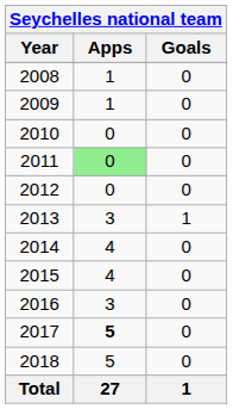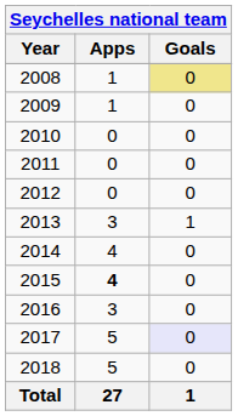 <table class="wikitable" style="text-align:center">
 <tr>
 <th colspan=3><a href='#'>Seychelles national team</a></th>
 </tr>
 <tr>
 <th>Year</th>
 <th>Apps</th>
 <th>Goals</th>
 </tr>
 <tr>
 </tr>
 <tr>
 <td>2008</td>
 <td>1</td>
-<td>0</td>
+<td style="background: khaki;">0</td>
 </tr>
 <tr>
 <td>2009</td>
 <td>1</td>
 <td>0</td>
 </tr>
 <tr>
 <td>2010</td>
 <td>0</td>
 <td>0</td>
 </tr>
 <tr>
 <td>2011</td>
-<td style="background: lightgreen;">0</td>
+<td>0</td>
 <td>0</td>
 </tr>
 <tr>
 <td>2012</td>
 <td>0</td>
 <td>0</td>
 </tr>
 <tr>
 <td>2013</td>
 <td>3</td>
 <td>1</td>
 </tr>
 <tr>
 <td>2014</td>
 <td>4</td>
 <td>0</td>
 </tr>
 <tr>
 <td>2015</td>
-<td>4</td>
+<td><strong>4</strong></td>
 <td>0</td>
 </tr>
 <tr>
 <td>2016</td>
 <td>3</td>
 <td>0</td>
 </tr>
 <tr>
 <td>2017</td>
-<td><strong>5</strong></td>
-<td>0</td>
+<td>5</td>
+<td style="background: lavender;">0</td>
 </tr>
 <tr>
 <td>2018</td>
 <td>5</td>
 <td>0</td>
 </tr>
 <tr>
 <th>Total</th>
 <th>27</th>
 <th>1</th>
 </tr>
 </table>
